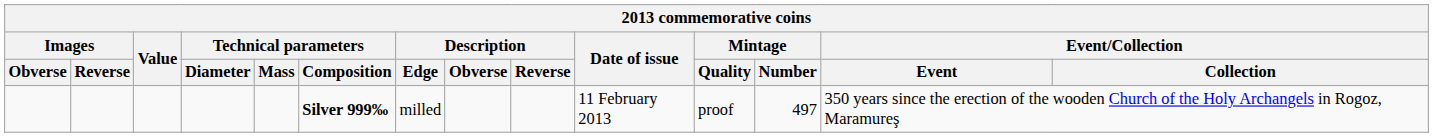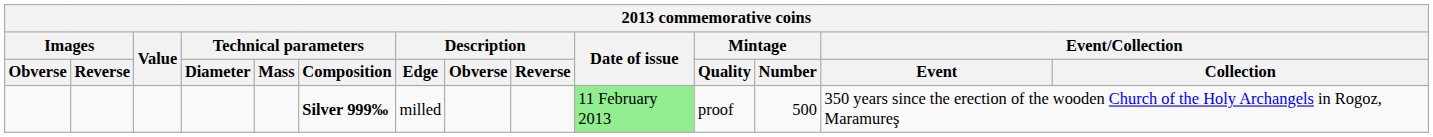 <table class="wikitable" style="font-size: 90%">
 <tr>
 <th colspan="14">2013 commemorative coins</th>
 </tr>
 <tr>
 <th colspan="2">Images</th>
 <th rowspan="2">Value</th>
 <th colspan="3">Technical parameters</th>
 <th colspan="3">Description</th>
 <th rowspan="2">Date of issue</th>
 <th colspan="2">Mintage</th>
 <th colspan="2">Event/Collection</th>
 </tr>
 <tr>
 <th>Obverse</th>
 <th>Reverse</th>
 <th>Diameter</th>
 <th>Mass</th>
 <th>Composition</th>
 <th>Edge</th>
 <th>Obverse</th>
 <th>Reverse</th>
 <th>Quality</th>
 <th>Number</th>
 <th>Event</th>
 <th>Collection</th>
 </tr>
 <tr>
 <td></td>
 <td></td>
 <td align="right"></td>
 <td align="right"></td>
 <td align="right"></td>
 <td><strong>Silver 999‰</strong></td>
 <td>milled</td>
 <td></td>
 <td></td>
-<td>11 February 2013</td>
+<td style="background: lightgreen;">11 February 2013</td>
 <td>proof</td>
-<td align="right">497</td>
+<td align="right">500</td>
 <td colspan="2">350 years since the erection of the wooden <a href='#'>Church of the Holy Archangels</a> in Rogoz, Maramureş</td>
 </tr>
 </table>
